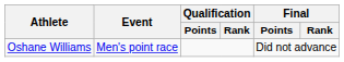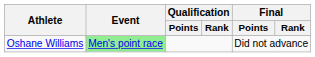 <table class="wikitable" style="font-size:90%;">
 <tr>
 <th rowspan=2>Athlete</th>
 <th rowspan=2>Event</th>
 <th colspan=2>Qualification</th>
 <th colspan=2>Final</th>
 </tr>
 <tr style="font-size:95%">
 <th>Points</th>
 <th>Rank</th>
 <th>Points</th>
 <th>Rank</th>
 </tr>
 <tr align=center>
 <td align=left><a href='#'>Oshane Williams</a></td>
-<td align=left><a href='#'>Men's point race</a></td>
+<td align=left style="background: lightgreen;"><a href='#'>Men's point race</a></td>
 <td colspan=2></td>
 <td colspan=2>Did not advance</td>
 </tr>
 </table>
